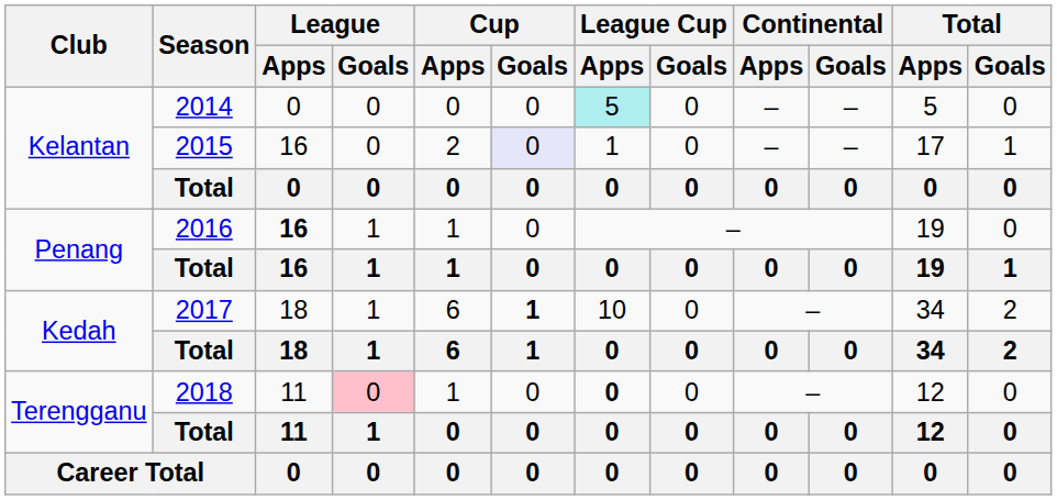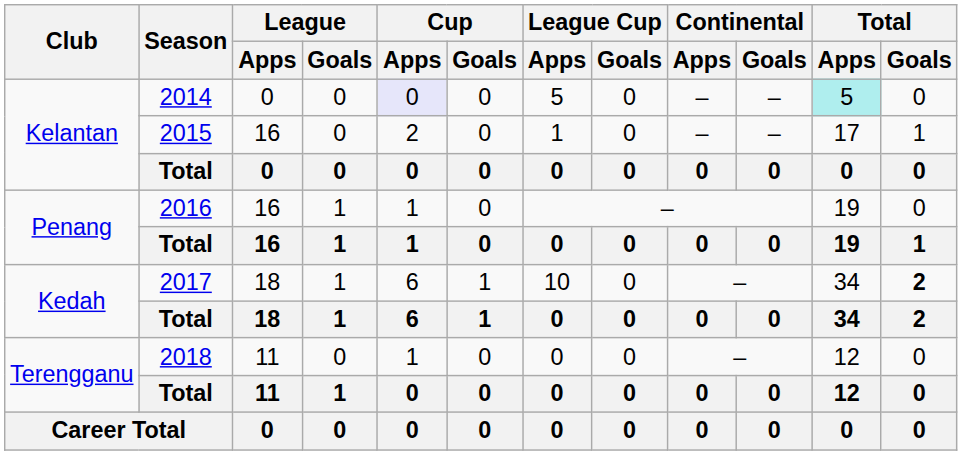 <table class="wikitable" style="text-align: center;">
 <tr>
 <th rowspan="2">Club</th>
 <th rowspan="2">Season</th>
 <th colspan="2">League</th>
 <th colspan="2">Cup</th>
 <th colspan="2">League Cup</th>
 <th colspan="2">Continental</th>
 <th colspan="2">Total</th>
 </tr>
 <tr>
 <th>Apps</th>
 <th>Goals</th>
 <th>Apps</th>
 <th>Goals</th>
 <th>Apps</th>
 <th>Goals</th>
 <th>Apps</th>
 <th>Goals</th>
 <th>Apps</th>
 <th>Goals</th>
 </tr>
 <tr>
 <td rowspan="3" valign="center"><a href='#'>Kelantan</a></td>
 <td><a href='#'>2014</a></td>
 <td>0</td>
 <td>0</td>
+<td style="background: lavender;">0</td>
 <td>0</td>
-<td>0</td>
-<td style="background: paleturquoise;">5</td>
+<td>5</td>
 <td>0</td>
 <td>–</td>
 <td>–</td>
-<td>5</td>
+<td style="background: paleturquoise;">5</td>
 <td>0</td>
 </tr>
 <tr>
 <td><a href='#'>2015</a></td>
 <td>16</td>
 <td>0</td>
 <td>2</td>
-<td style="background: lavender;">0</td>
+<td>0</td>
 <td>1</td>
 <td>0</td>
 <td>–</td>
 <td>–</td>
 <td>17</td>
 <td>1</td>
 </tr>
 <tr>
 <th>Total</th>
 <th>0</th>
 <th>0</th>
 <th>0</th>
 <th>0</th>
 <th>0</th>
 <th>0</th>
 <th>0</th>
 <th>0</th>
 <th>0</th>
 <th>0</th>
 </tr>
 <tr>
 <td rowspan="2" valign="center"><a href='#'>Penang</a></td>
 <td><a href='#'>2016</a></td>
-<td><strong>16</strong></td>
+<td>16</td>
 <td>1</td>
 <td>1</td>
 <td>0</td>
 <td colspan=4>–</td>
 <td>19</td>
 <td>0</td>
 </tr>
 <tr>
 <th>Total</th>
 <th>16</th>
 <th>1</th>
 <th>1</th>
 <th>0</th>
 <th>0</th>
 <th>0</th>
 <th>0</th>
 <th>0</th>
 <th>19</th>
 <th>1</th>
 </tr>
 <tr>
 <td rowspan="2" valign="center"><a href='#'>Kedah</a></td>
 <td><a href='#'>2017</a></td>
 <td>18</td>
 <td>1</td>
 <td>6</td>
-<td><strong>1</strong></td>
+<td>1</td>
 <td>10</td>
 <td>0</td>
 <td colspan=2>–</td>
 <td>34</td>
-<td>2</td>
+<td><strong>2</strong></td>
 </tr>
 <tr>
 <th>Total</th>
 <th>18</th>
 <th>1</th>
 <th>6</th>
 <th>1</th>
 <th>0</th>
 <th>0</th>
 <th>0</th>
 <th>0</th>
 <th>34</th>
 <th>2</th>
 </tr>
 <tr>
 <td rowspan="2" valign="center"><a href='#'>Terengganu</a></td>
 <td><a href='#'>2018</a></td>
 <td>11</td>
-<td style="background: pink;">0</td>
+<td>0</td>
 <td>1</td>
 <td>0</td>
-<td><strong>0</strong></td>
+<td>0</td>
 <td>0</td>
 <td colspan=2>–</td>
 <td>12</td>
 <td>0</td>
 </tr>
 <tr>
 <th>Total</th>
 <th>11</th>
 <th>1</th>
 <th>0</th>
 <th>0</th>
 <th>0</th>
 <th>0</th>
 <th>0</th>
 <th>0</th>
 <th>12</th>
 <th>0</th>
 </tr>
 <tr>
 <th colspan="2">Career Total</th>
 <th>0</th>
 <th>0</th>
 <th>0</th>
 <th>0</th>
 <th>0</th>
 <th>0</th>
 <th>0</th>
 <th>0</th>
 <th>0</th>
 <th>0</th>
 </tr>
 </table>
